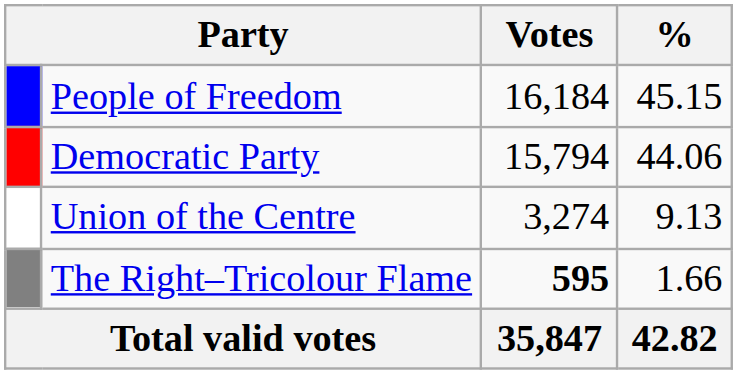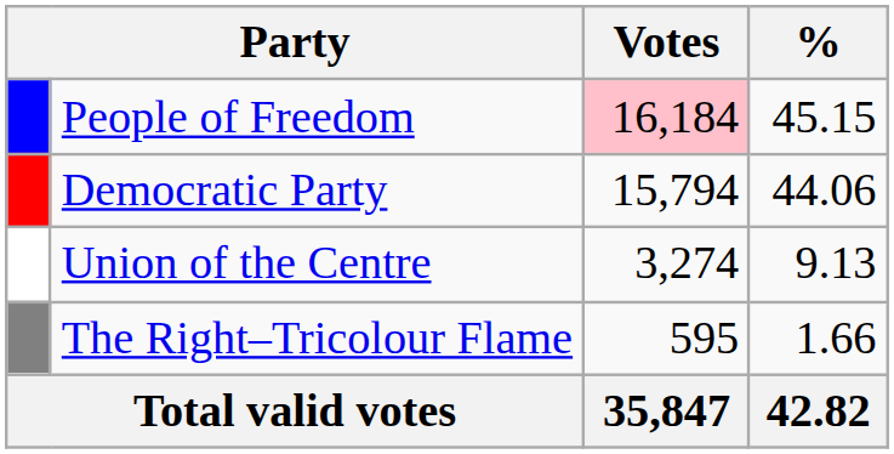 <table class="wikitable">
 <tr>
 <th colspan="2" style="width: 130px">Party</th>
 <th style="width: 50px">Votes</th>
 <th style="width: 40px">%</th>
 </tr>
 <tr>
 <td style="background-color:blue">  </td>
 <td style="text-align: left"><a href='#'>People of Freedom</a></td>
-<td style="text-align: right">16,184</td>
+<td style="background: pink; text-align: right">16,184</td>
 <td style="text-align: right">45.15</td>
 </tr>
 <tr>
 <td style="background-color:red">  </td>
 <td style="text-align: left"><a href='#'>Democratic Party</a></td>
 <td style="text-align: right">15,794</td>
 <td style="text-align: right">44.06</td>
 </tr>
 <tr>
 <td style="background-color:white">  </td>
 <td style="text-align: left"><a href='#'>Union of the Centre</a></td>
 <td align="right">3,274</td>
 <td align="right">9.13</td>
 </tr>
 <tr>
 <td style="background-color:grey">  </td>
 <td style="text-align: left"><a href='#'>The Right–Tricolour Flame</a></td>
-<td align="right"><strong>595</strong></td>
+<td align="right">595</td>
 <td align="right">1.66</td>
 </tr>
 <tr bgcolor="white">
 <th align="right" colspan=2>Total valid votes</th>
 <th align="right">35,847</th>
 <th align="right">42.82</th>
 </tr>
 </table>
